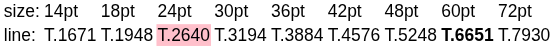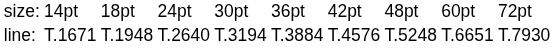 <table style="margin-left:40px;">
 <tr>
 <td>size:</td>
 <td>14pt</td>
 <td>18pt</td>
 <td>24pt</td>
 <td>30pt</td>
 <td>36pt</td>
 <td>42pt</td>
 <td>48pt</td>
 <td>60pt</td>
 <td>72pt</td>
 </tr>
 <tr>
 <td>line:</td>
 <td>T.1671</td>
 <td>T.1948</td>
-<td style="background: pink;">T.2640</td>
+<td>T.2640</td>
 <td>T.3194</td>
 <td>T.3884</td>
 <td>T.4576</td>
 <td>T.5248</td>
-<td><strong>T.6651</strong></td>
+<td>T.6651</td>
 <td>T.7930</td>
 </tr>
 </table>
